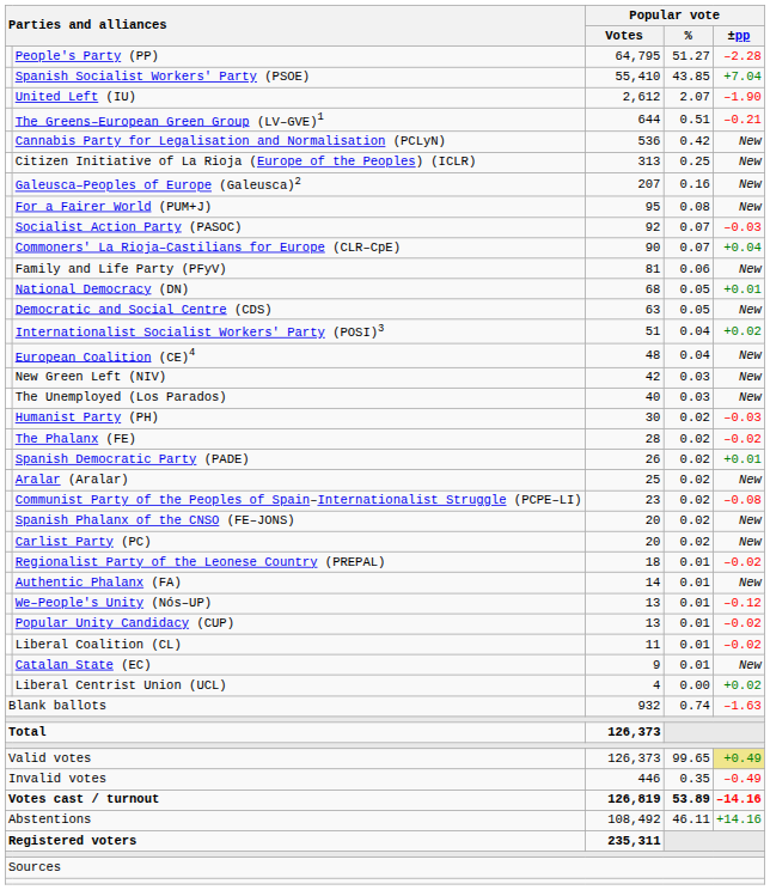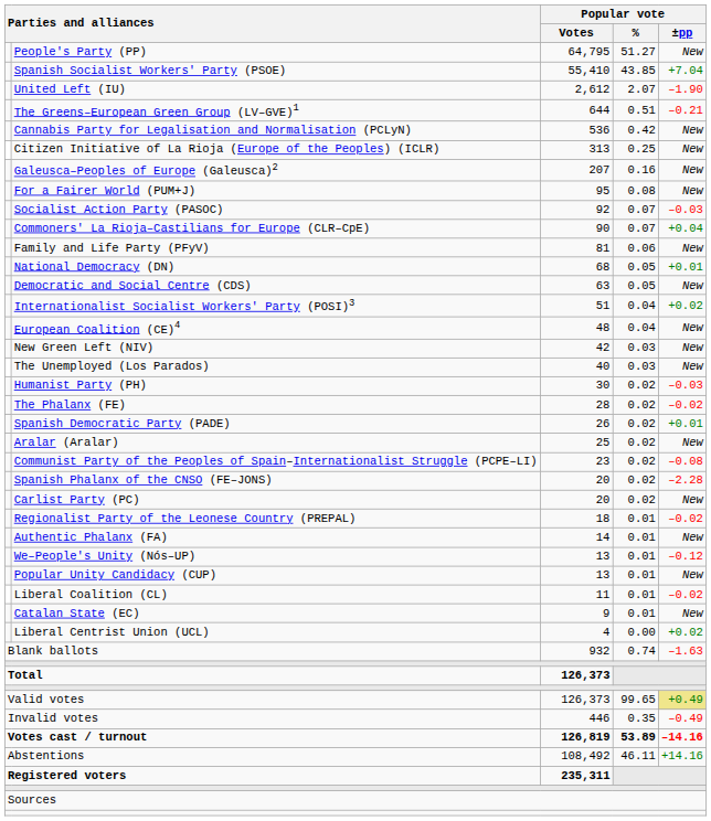 <table class="wikitable" style="text-align:right">
 <tr>
 <th style="text-align:left;" rowspan="2" colspan="2" width="525">Parties and alliances</th>
 <th colspan="3">Popular vote</th>
 </tr>
 <tr>
 <th width="75">Votes</th>
 <th width="45">%</th>
 <th width="45">±<a href='#'>pp</a></th>
 </tr>
 <tr>
 <td width="1" style="color:inherit;background:"></td>
 <td align="left"><a href='#'>People's Party</a> (PP)</td>
 <td>64,795</td>
 <td>51.27</td>
-<td style="color:red;">–2.28</td>
+<td><em>New</em></td>
 </tr>
 <tr>
 <td style="color:inherit;background:"></td>
 <td align="left"><a href='#'>Spanish Socialist Workers' Party</a> (PSOE)</td>
 <td>55,410</td>
 <td>43.85</td>
 <td style="color:green;">+7.04</td>
 </tr>
 <tr>
 <td style="color:inherit;background:"></td>
 <td align="left"><a href='#'>United Left</a> (IU)</td>
 <td>2,612</td>
 <td>2.07</td>
 <td style="color:red;">–1.90</td>
 </tr>
 <tr>
 <td style="color:inherit;background:"></td>
 <td align="left"><a href='#'>The Greens–European Green Group</a> (LV–GVE)<sup>1</sup></td>
 <td>644</td>
 <td>0.51</td>
 <td style="color:red;">–0.21</td>
 </tr>
 <tr>
 <td style="color:inherit;background:"></td>
 <td align="left"><a href='#'>Cannabis Party for Legalisation and Normalisation</a> (PCLyN)</td>
 <td>536</td>
 <td>0.42</td>
 <td><em>New</em></td>
 </tr>
 <tr>
 <td bgcolor="white"></td>
 <td align="left">Citizen Initiative of La Rioja (<a href='#'>Europe of the Peoples</a>) (ICLR)</td>
 <td>313</td>
 <td>0.25</td>
 <td><em>New</em></td>
 </tr>
 <tr>
 <td style="color:inherit;background:"></td>
 <td align="left"><a href='#'>Galeusca–Peoples of Europe</a> (Galeusca)<sup>2</sup></td>
 <td>207</td>
 <td>0.16</td>
 <td><em>New</em></td>
 </tr>
 <tr>
 <td style="color:inherit;background:"></td>
 <td align="left"><a href='#'>For a Fairer World</a> (PUM+J)</td>
 <td>95</td>
 <td>0.08</td>
 <td><em>New</em></td>
 </tr>
 <tr>
 <td style="color:inherit;background:"></td>
 <td align="left"><a href='#'>Socialist Action Party</a> (PASOC)</td>
 <td>92</td>
 <td>0.07</td>
 <td style="color:red;">–0.03</td>
 </tr>
 <tr>
 <td style="color:inherit;background:"></td>
 <td align="left"><a href='#'>Commoners' La Rioja–Castilians for Europe</a> (CLR–CpE)</td>
 <td>90</td>
 <td>0.07</td>
 <td style="color:green;">+0.04</td>
 </tr>
 <tr>
 <td style="color:inherit;background:"></td>
 <td align="left">Family and Life Party (PFyV)</td>
 <td>81</td>
 <td>0.06</td>
 <td><em>New</em></td>
 </tr>
 <tr>
 <td style="color:inherit;background:"></td>
 <td align="left"><a href='#'>National Democracy</a> (DN)</td>
 <td>68</td>
 <td>0.05</td>
 <td style="color:green;">+0.01</td>
 </tr>
 <tr>
 <td style="color:inherit;background:"></td>
 <td align="left"><a href='#'>Democratic and Social Centre</a> (CDS)</td>
 <td>63</td>
 <td>0.05</td>
 <td><em>New</em></td>
 </tr>
 <tr>
 <td style="color:inherit;background:"></td>
 <td align="left"><a href='#'>Internationalist Socialist Workers' Party</a> (POSI)<sup>3</sup></td>
 <td>51</td>
 <td>0.04</td>
 <td style="color:green;">+0.02</td>
 </tr>
 <tr>
 <td style="color:inherit;background:"></td>
 <td align="left"><a href='#'>European Coalition</a> (CE)<sup>4</sup></td>
 <td>48</td>
 <td>0.04</td>
 <td><em>New</em></td>
 </tr>
 <tr>
 <td style="color:inherit;background:"></td>
 <td align="left">New Green Left (NIV)</td>
 <td>42</td>
 <td>0.03</td>
 <td><em>New</em></td>
 </tr>
 <tr>
 <td bgcolor="white"></td>
 <td align="left">The Unemployed (Los Parados)</td>
 <td>40</td>
 <td>0.03</td>
 <td><em>New</em></td>
 </tr>
 <tr>
 <td style="color:inherit;background:"></td>
 <td align="left"><a href='#'>Humanist Party</a> (PH)</td>
 <td>30</td>
 <td>0.02</td>
 <td style="color:red;">–0.03</td>
 </tr>
 <tr>
 <td style="color:inherit;background:"></td>
 <td align="left"><a href='#'>The Phalanx</a> (FE)</td>
 <td>28</td>
 <td>0.02</td>
 <td style="color:red;">–0.02</td>
 </tr>
 <tr>
 <td style="color:inherit;background:"></td>
 <td align="left"><a href='#'>Spanish Democratic Party</a> (PADE)</td>
 <td>26</td>
 <td>0.02</td>
 <td style="color:green;">+0.01</td>
 </tr>
 <tr>
 <td style="color:inherit;background:"></td>
 <td align="left"><a href='#'>Aralar</a> (Aralar)</td>
 <td>25</td>
 <td>0.02</td>
 <td><em>New</em></td>
 </tr>
 <tr>
 <td style="color:inherit;background:"></td>
 <td align="left"><a href='#'>Communist Party of the Peoples of Spain</a>–<a href='#'>Internationalist Struggle</a> (PCPE–LI)</td>
 <td>23</td>
 <td>0.02</td>
 <td style="color:red;">–0.08</td>
 </tr>
 <tr>
 <td style="color:inherit;background:"></td>
 <td align="left"><a href='#'>Spanish Phalanx of the CNSO</a> (FE–JONS)</td>
 <td>20</td>
 <td>0.02</td>
-<td><em>New</em></td>
+<td style="color:red;">–2.28</td>
 </tr>
 <tr>
 <td style="color:inherit;background:"></td>
 <td align="left"><a href='#'>Carlist Party</a> (PC)</td>
 <td>20</td>
 <td>0.02</td>
 <td><em>New</em></td>
 </tr>
 <tr>
 <td style="color:inherit;background:"></td>
 <td align="left"><a href='#'>Regionalist Party of the Leonese Country</a> (PREPAL)</td>
 <td>18</td>
 <td>0.01</td>
 <td style="color:red;">–0.02</td>
 </tr>
 <tr>
 <td style="color:inherit;background:"></td>
 <td align="left"><a href='#'>Authentic Phalanx</a> (FA)</td>
 <td>14</td>
 <td>0.01</td>
 <td><em>New</em></td>
 </tr>
 <tr>
 <td style="color:inherit;background:"></td>
 <td align="left"><a href='#'>We–People's Unity</a> (Nós–UP)</td>
 <td>13</td>
 <td>0.01</td>
 <td style="color:red;">–0.12</td>
 </tr>
 <tr>
 <td style="color:inherit;background:"></td>
 <td align="left"><a href='#'>Popular Unity Candidacy</a> (CUP)</td>
 <td>13</td>
 <td>0.01</td>
-<td style="color:red;">–0.02</td>
+<td><em>New</em></td>
 </tr>
 <tr>
 <td bgcolor="white"></td>
 <td align="left">Liberal Coalition (CL)</td>
 <td>11</td>
 <td>0.01</td>
 <td style="color:red;">–0.02</td>
 </tr>
 <tr>
 <td style="color:inherit;background:"></td>
 <td align="left"><a href='#'>Catalan State</a> (EC)</td>
 <td>9</td>
 <td>0.01</td>
 <td><em>New</em></td>
 </tr>
 <tr>
 <td style="color:inherit;background:"></td>
 <td align="left">Liberal Centrist Union (UCL)</td>
 <td>4</td>
 <td>0.00</td>
 <td style="color:green;">+0.02</td>
 </tr>
 <tr>
 <td align="left" colspan="2">Blank ballots</td>
 <td>932</td>
 <td>0.74</td>
 <td style="color:red;">–1.63</td>
 </tr>
 <tr>
 <td colspan="5" bgcolor="#E9E9E9"></td>
 </tr>
 <tr style="font-weight:bold;">
 <td align="left" colspan="2">Total</td>
 <td>126,373</td>
 <td bgcolor="#E9E9E9" colspan="2"></td>
 </tr>
 <tr>
 <td colspan="5" bgcolor="#E9E9E9"></td>
 </tr>
 <tr>
 <td align="left" colspan="2">Valid votes</td>
 <td>126,373</td>
 <td>99.65</td>
 <td style="background: khaki; color:green;">+0.49</td>
 </tr>
 <tr>
 <td align="left" colspan="2">Invalid votes</td>
 <td>446</td>
 <td>0.35</td>
 <td style="color:red;">–0.49</td>
 </tr>
 <tr style="font-weight:bold;">
 <td align="left" colspan="2">Votes cast / turnout</td>
 <td>126,819</td>
 <td>53.89</td>
 <td style="color:red;">–14.16</td>
 </tr>
 <tr>
 <td align="left" colspan="2">Abstentions</td>
 <td>108,492</td>
 <td>46.11</td>
 <td style="color:green;">+14.16</td>
 </tr>
 <tr style="font-weight:bold;">
 <td align="left" colspan="2">Registered voters</td>
 <td>235,311</td>
 <td bgcolor="#E9E9E9" colspan="2"></td>
 </tr>
 <tr>
 <td colspan="5" bgcolor="#E9E9E9"></td>
 </tr>
 <tr>
 <td align="left" colspan="5">Sources</td>
 </tr>
 <tr>
 <td colspan="5" style="text-align:left; max-width:680px;"></td>
 </tr>
 </table>
